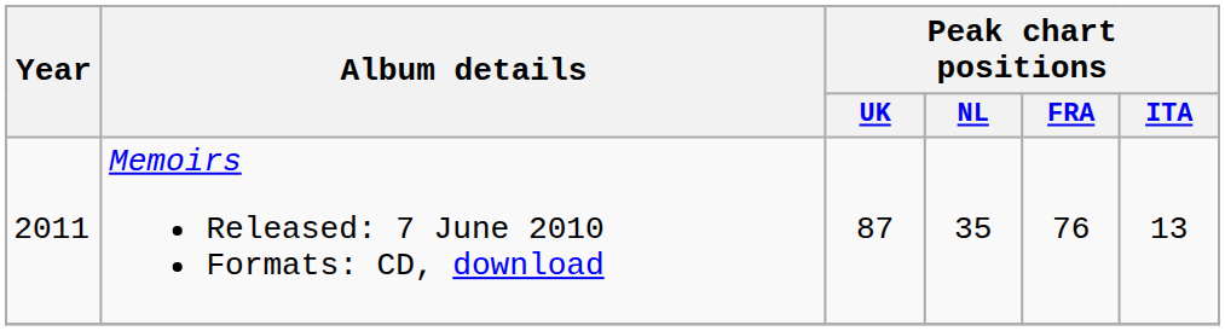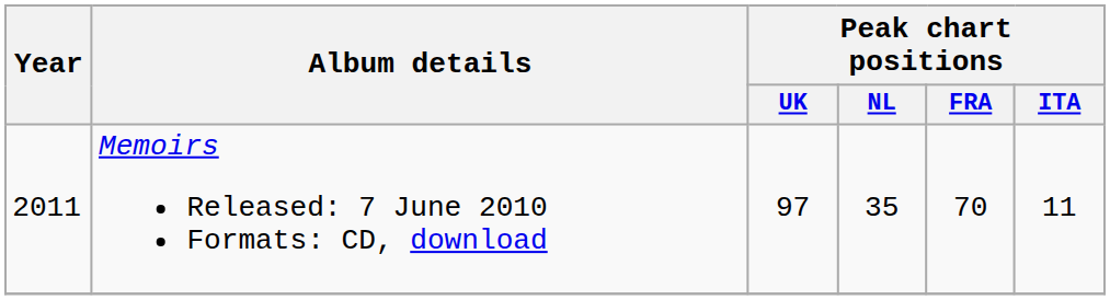 <table class="wikitable">
 <tr>
 <th rowspan="2" width="33">Year</th>
 <th rowspan="2" width="292">Album details</th>
 <th colspan="10">Peak chart positions</th>
 </tr>
 <tr style="font-size:smaller;">
 <th width="35"><a href='#'>UK</a></th>
 <th width="35"><a href='#'>NL</a></th>
 <th width="35"><a href='#'>FRA</a></th>
 <th width="35£"><a href='#'>ITA</a></th>
 </tr>
 <tr>
 <td>2011</td>
 <td><em><a href='#'>Memoirs</a></em><br><ul><li>Released: 7 June 2010</li><li>Formats: CD, <a href='#'>download</a></li></ul></td>
-<td valign="center" align="center">87</td>
+<td valign="center" align="center">97</td>
 <td valign="center" align="center">35</td>
-<td valign="center" align="center">76</td>
-<td valign="center" align="center">13</td>
+<td valign="center" align="center">70</td>
+<td valign="center" align="center">11</td>
 </tr>
 <tr>
 </tr>
 </table>
